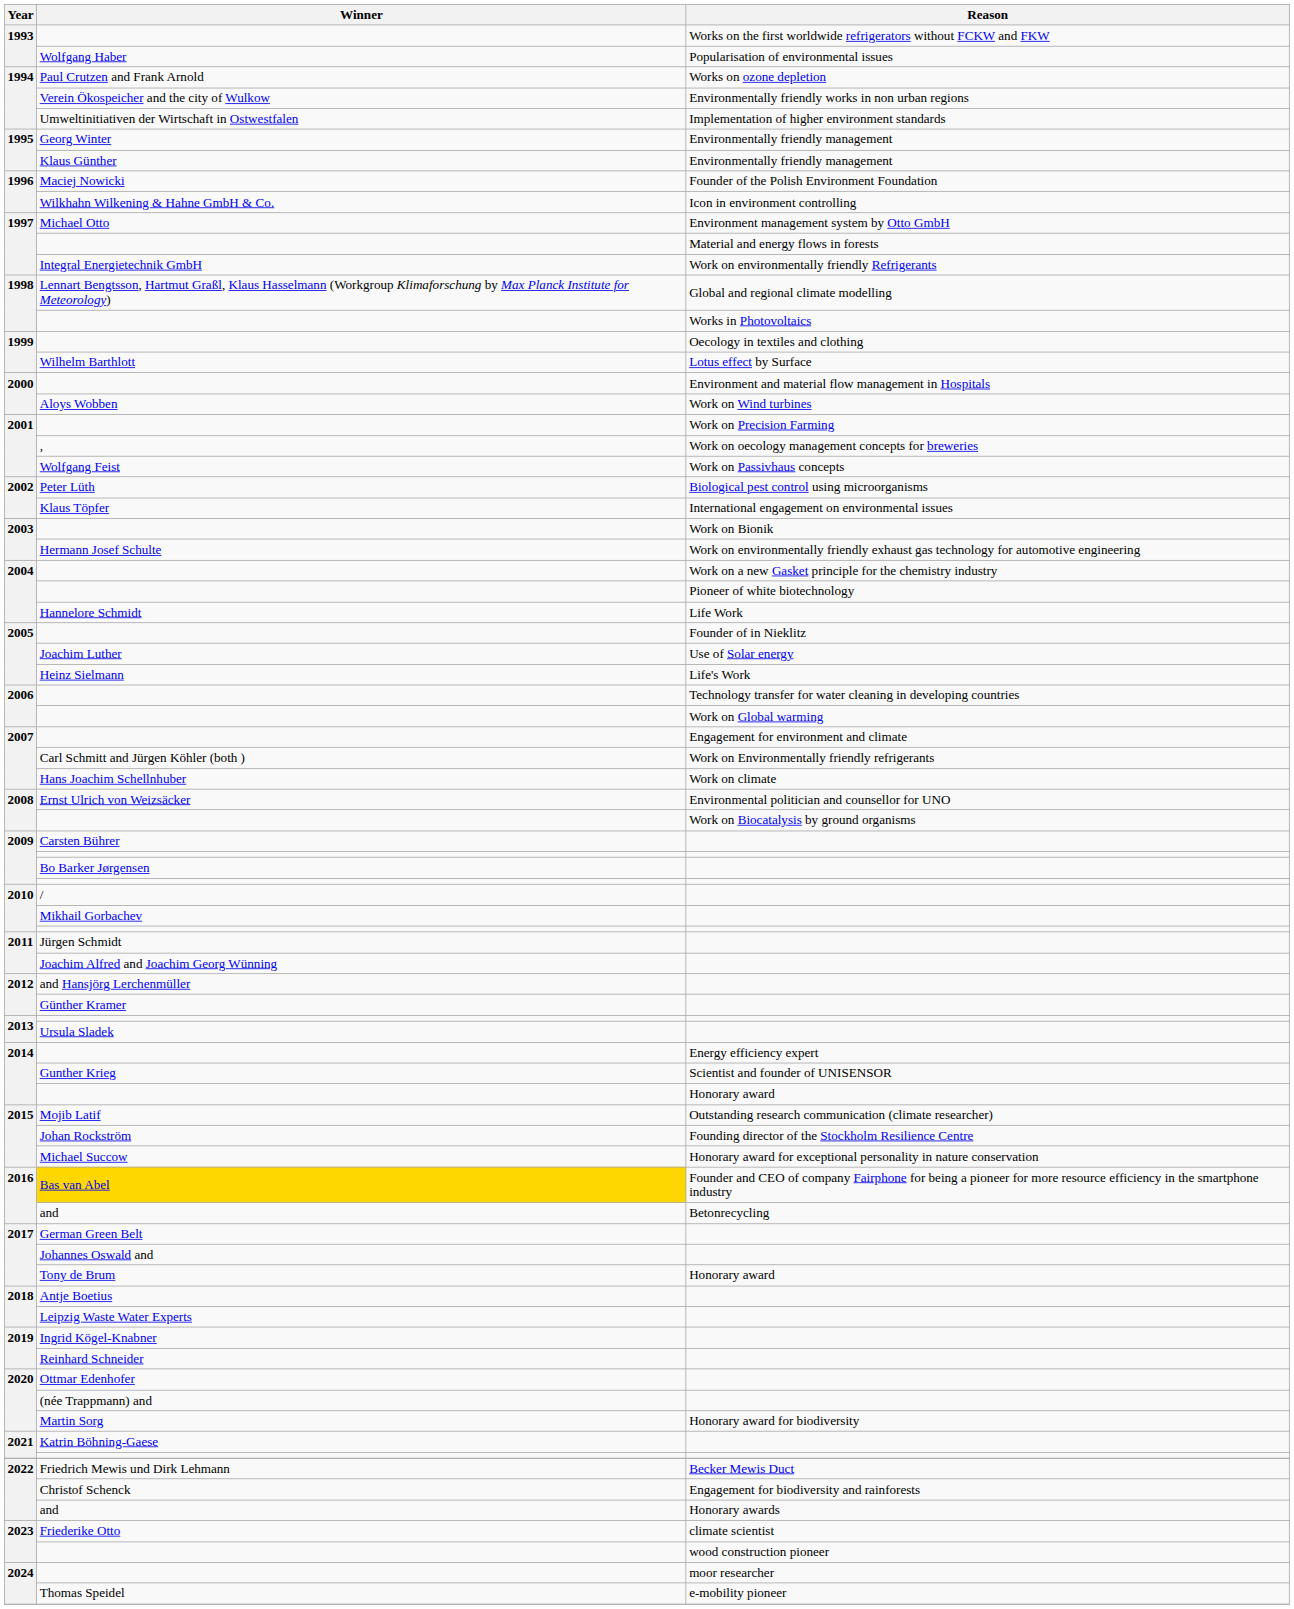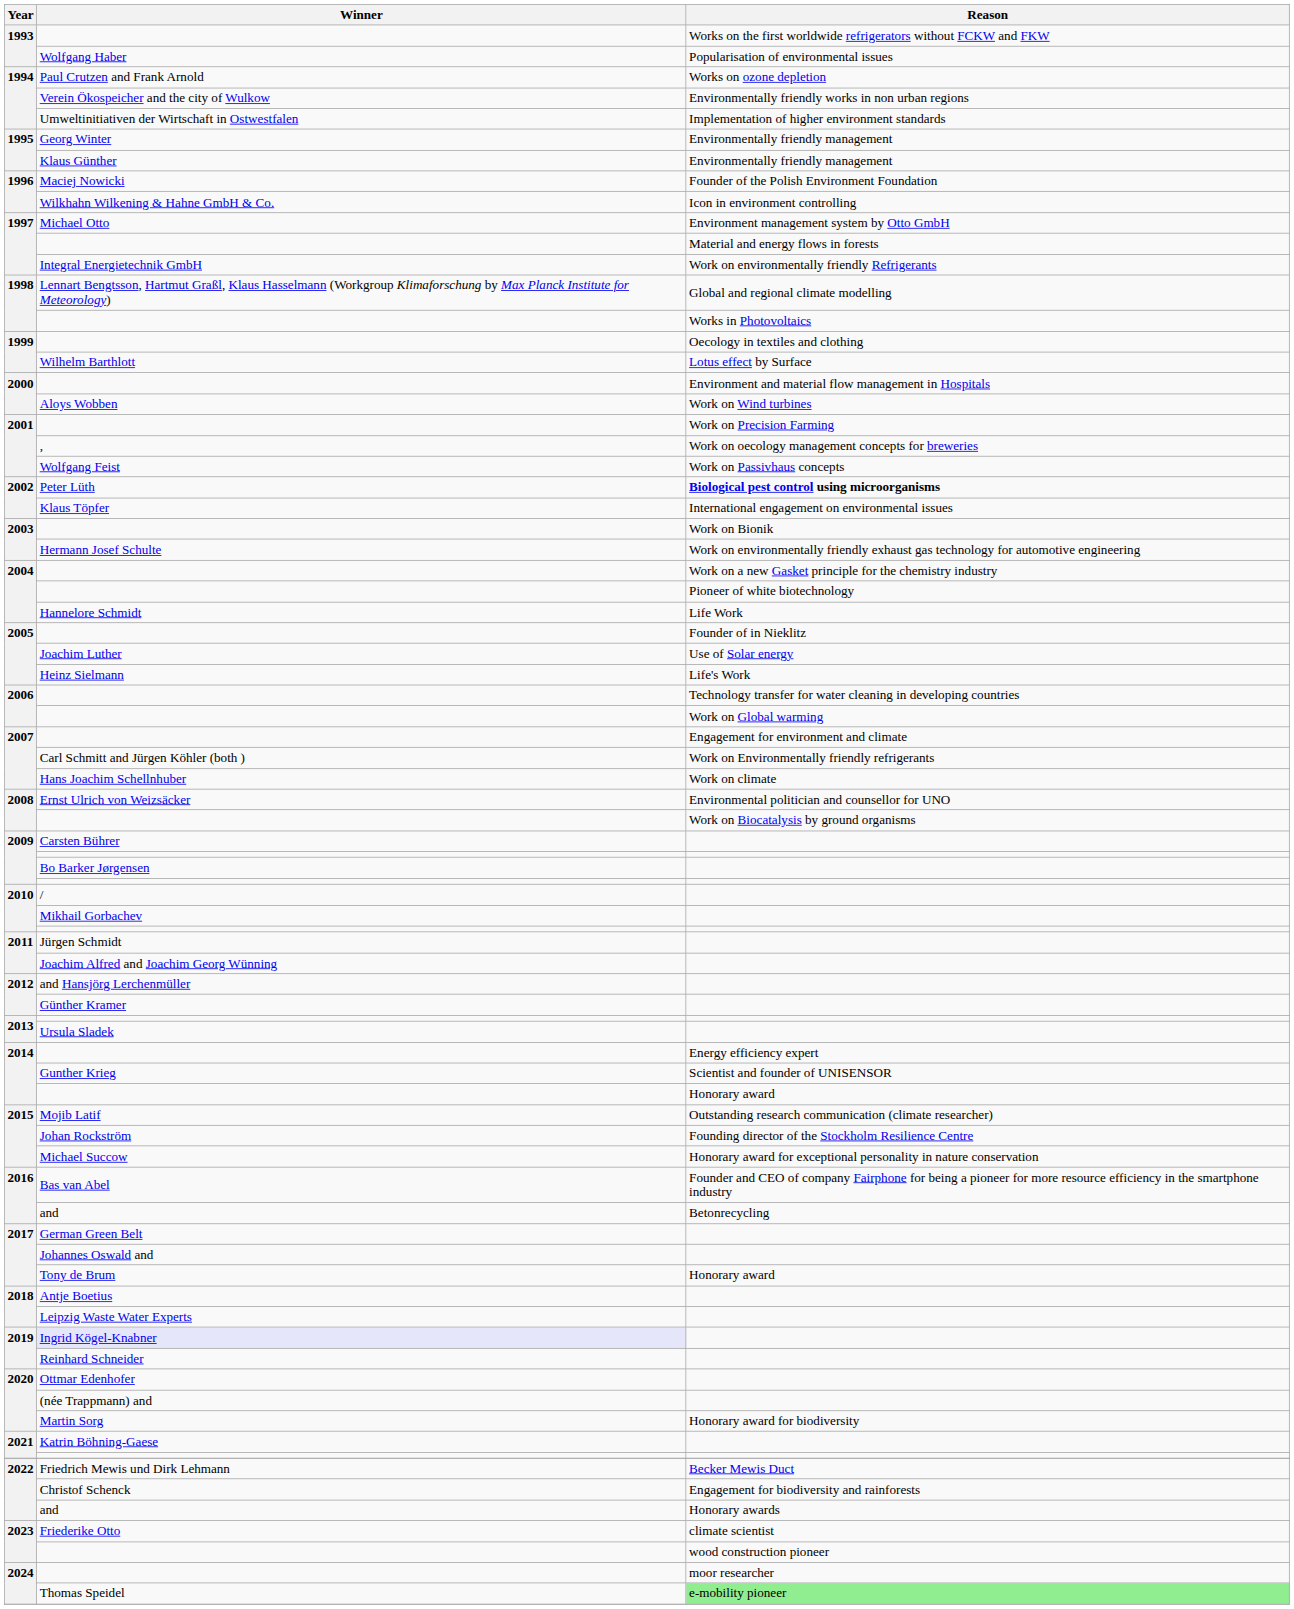 <table class="wikitable">
 <tr>
 <th>Year</th>
 <th>Winner</th>
 <th>Reason</th>
 </tr>
 <tr>
 <th style="vertical-align:top" rowspan=2>1993</th>
 <td></td>
 <td>Works on the first worldwide <a href='#'>refrigerators</a> without <a href='#'>FCKW</a> and <a href='#'>FKW</a></td>
 </tr>
 <tr>
 <td><a href='#'>Wolfgang Haber</a></td>
 <td>Popularisation of environmental issues</td>
 </tr>
 <tr>
 <th style="vertical-align:top" rowspan=3>1994</th>
 <td><a href='#'>Paul Crutzen</a> and Frank Arnold</td>
 <td>Works on <a href='#'>ozone depletion</a></td>
 </tr>
 <tr>
 <td><a href='#'>Verein Ökospeicher</a> and the city of <a href='#'>Wulkow</a></td>
 <td>Environmentally friendly works in non urban regions</td>
 </tr>
 <tr>
 <td>Umweltinitiativen der Wirtschaft in <a href='#'>Ostwestfalen</a></td>
 <td>Implementation of higher environment standards</td>
 </tr>
 <tr>
 <th style="vertical-align:top" rowspan=2>1995</th>
 <td><a href='#'>Georg Winter</a></td>
 <td>Environmentally friendly management</td>
 </tr>
 <tr>
 <td><a href='#'>Klaus Günther</a></td>
 <td>Environmentally friendly management</td>
 </tr>
 <tr>
 <th style="vertical-align:top" rowspan=2>1996</th>
 <td><a href='#'>Maciej Nowicki</a></td>
 <td>Founder of the Polish Environment Foundation</td>
 </tr>
 <tr>
 <td><a href='#'>Wilkhahn Wilkening & Hahne GmbH & Co.</a></td>
 <td>Icon in environment controlling</td>
 </tr>
 <tr>
 <th style="vertical-align:top" rowspan=3>1997</th>
 <td><a href='#'>Michael Otto</a></td>
 <td>Environment management system by <a href='#'>Otto GmbH</a></td>
 </tr>
 <tr>
 <td></td>
 <td>Material and energy flows in forests</td>
 </tr>
 <tr>
 <td><a href='#'>Integral Energietechnik GmbH</a></td>
 <td>Work on environmentally friendly <a href='#'>Refrigerants</a></td>
 </tr>
 <tr>
 <th style="vertical-align:top" rowspan=2>1998</th>
 <td><a href='#'>Lennart Bengtsson</a>, <a href='#'>Hartmut Graßl</a>, <a href='#'>Klaus Hasselmann</a> (Workgroup <em>Klimaforschung</em> by <em><a href='#'>Max Planck Institute for Meteorology</a></em>)</td>
 <td>Global and regional climate modelling</td>
 </tr>
 <tr>
 <td></td>
 <td>Works in <a href='#'>Photovoltaics</a></td>
 </tr>
 <tr>
 <th style="vertical-align:top" rowspan=2>1999</th>
 <td></td>
 <td>Oecology in textiles and clothing</td>
 </tr>
 <tr>
 <td><a href='#'>Wilhelm Barthlott</a></td>
 <td><a href='#'>Lotus effect</a> by Surface</td>
 </tr>
 <tr>
 <th style="vertical-align:top" rowspan=2>2000</th>
 <td></td>
 <td>Environment and material flow management in <a href='#'>Hospitals</a></td>
 </tr>
 <tr>
 <td><a href='#'>Aloys Wobben</a></td>
 <td>Work on <a href='#'>Wind turbines</a></td>
 </tr>
 <tr>
 <th style="vertical-align:top" rowspan=3>2001</th>
 <td></td>
 <td>Work on <a href='#'>Precision Farming</a></td>
 </tr>
 <tr>
 <td>, </td>
 <td>Work on oecology management concepts for <a href='#'>breweries</a></td>
 </tr>
 <tr>
 <td><a href='#'>Wolfgang Feist</a></td>
 <td>Work on <a href='#'>Passivhaus</a> concepts</td>
 </tr>
 <tr>
 <th style="vertical-align:top" rowspan=2>2002</th>
 <td><a href='#'>Peter Lüth</a></td>
-<td><a href='#'>Biological pest control</a> using microorganisms</td>
+<td><strong><a href='#'>Biological pest control</a> using microorganisms</strong></td>
 </tr>
 <tr>
 <td><a href='#'>Klaus Töpfer</a></td>
 <td>International engagement on environmental issues</td>
 </tr>
 <tr>
 <th style="vertical-align:top" rowspan=2>2003</th>
 <td></td>
 <td>Work on Bionik</td>
 </tr>
 <tr>
 <td><a href='#'>Hermann Josef Schulte</a></td>
 <td>Work on environmentally friendly exhaust gas technology for automotive engineering</td>
 </tr>
 <tr>
 <th style="vertical-align:top" rowspan=3>2004</th>
 <td></td>
 <td>Work on a new <a href='#'>Gasket</a> principle for the chemistry industry</td>
 </tr>
 <tr>
 <td></td>
 <td>Pioneer of white biotechnology</td>
 </tr>
 <tr>
 <td><a href='#'>Hannelore Schmidt</a></td>
 <td>Life Work</td>
 </tr>
 <tr>
 <th style="vertical-align:top" rowspan=3>2005</th>
 <td></td>
 <td>Founder of  in Nieklitz</td>
 </tr>
 <tr>
 <td><a href='#'>Joachim Luther</a></td>
 <td>Use of <a href='#'>Solar energy</a></td>
 </tr>
 <tr>
 <td><a href='#'>Heinz Sielmann</a></td>
 <td>Life's Work</td>
 </tr>
 <tr>
 <th style="vertical-align:top" rowspan=2>2006</th>
 <td></td>
 <td>Technology transfer for water cleaning in developing countries</td>
 </tr>
 <tr>
 <td></td>
 <td>Work on <a href='#'>Global warming</a></td>
 </tr>
 <tr>
 <th style="vertical-align:top" rowspan=3>2007</th>
 <td></td>
 <td>Engagement for environment and climate</td>
 </tr>
 <tr>
 <td>Carl Schmitt and Jürgen Köhler (both )</td>
 <td>Work on Environmentally friendly refrigerants</td>
 </tr>
 <tr>
 <td><a href='#'>Hans Joachim Schellnhuber</a></td>
 <td>Work on climate</td>
 </tr>
 <tr>
 <th style="vertical-align:top" rowspan=2>2008</th>
 <td><a href='#'>Ernst Ulrich von Weizsäcker</a></td>
 <td>Environmental politician and counsellor for UNO</td>
 </tr>
 <tr>
 <td></td>
 <td>Work on <a href='#'>Biocatalysis</a> by ground organisms</td>
 </tr>
 <tr>
 <th style="vertical-align:top" rowspan=4>2009</th>
 <td><a href='#'>Carsten Bührer</a></td>
 <td></td>
 </tr>
 <tr>
 <td></td>
 <td></td>
 </tr>
 <tr>
 <td><a href='#'>Bo Barker Jørgensen</a></td>
 <td></td>
 </tr>
 <tr>
 <td></td>
 <td></td>
 </tr>
 <tr>
 <th style="vertical-align:top" rowspan=3>2010</th>
 <td>/</td>
 <td></td>
 </tr>
 <tr>
 <td><a href='#'>Mikhail Gorbachev</a></td>
 <td></td>
 </tr>
 <tr>
 <td></td>
 <td></td>
 </tr>
 <tr>
 <th style="vertical-align:top" rowspan=2>2011</th>
 <td>Jürgen Schmidt</td>
 <td></td>
 </tr>
 <tr>
 <td><a href='#'>Joachim Alfred</a> and <a href='#'>Joachim Georg Wünning</a></td>
 <td></td>
 </tr>
 <tr>
 <th style="vertical-align:top" rowspan=2>2012</th>
 <td> and <a href='#'>Hansjörg Lerchenmüller</a></td>
 <td></td>
 </tr>
 <tr>
 <td><a href='#'>Günther Kramer</a></td>
 <td></td>
 </tr>
 <tr>
 <th style="vertical-align:top" rowspan=2>2013</th>
 <td></td>
 <td></td>
 </tr>
 <tr>
 <td><a href='#'>Ursula Sladek</a></td>
 <td></td>
 </tr>
 <tr>
 <th style="vertical-align:top" rowspan=3>2014</th>
 <td></td>
 <td>Energy efficiency expert</td>
 </tr>
 <tr>
 <td><a href='#'>Gunther Krieg</a></td>
 <td>Scientist and founder of UNISENSOR</td>
 </tr>
 <tr>
 <td></td>
 <td>Honorary award</td>
 </tr>
 <tr>
 <th style="vertical-align:top" rowspan=3>2015</th>
 <td><a href='#'>Mojib Latif</a></td>
 <td>Outstanding research communication (climate researcher)</td>
 </tr>
 <tr>
 <td><a href='#'>Johan Rockström</a></td>
 <td>Founding director of the <a href='#'>Stockholm Resilience Centre</a></td>
 </tr>
 <tr>
 <td><a href='#'>Michael Succow</a></td>
 <td>Honorary award for exceptional personality in nature conservation</td>
 </tr>
 <tr>
 <th style="vertical-align:top" rowspan=2>2016</th>
-<td style="background: gold;"><a href='#'>Bas van Abel</a></td>
+<td><a href='#'>Bas van Abel</a></td>
 <td>Founder and CEO of company <a href='#'>Fairphone</a> for being a pioneer for more resource efficiency in the smartphone industry</td>
 </tr>
 <tr>
 <td> and </td>
 <td>Betonrecycling</td>
 </tr>
 <tr>
 <th style="vertical-align:top" rowspan=3>2017</th>
 <td><a href='#'>German Green Belt</a></td>
 <td></td>
 </tr>
 <tr>
 <td><a href='#'>Johannes Oswald</a> and </td>
 <td></td>
 </tr>
 <tr>
 <td><a href='#'>Tony de Brum</a></td>
 <td>Honorary award</td>
 </tr>
 <tr>
 <th style="vertical-align:top" rowspan=2>2018</th>
 <td><a href='#'>Antje Boetius</a></td>
 <td></td>
 </tr>
 <tr>
 <td><a href='#'>Leipzig Waste Water Experts</a></td>
 <td></td>
 </tr>
 <tr>
 <th style="vertical-align:top" rowspan=2>2019</th>
-<td><a href='#'>Ingrid Kögel-Knabner</a></td>
+<td style="background: lavender;"><a href='#'>Ingrid Kögel-Knabner</a></td>
 <td></td>
 </tr>
 <tr>
 <td><a href='#'>Reinhard Schneider</a></td>
 <td></td>
 </tr>
 <tr>
 <th style="vertical-align:top" rowspan=3>2020</th>
 <td><a href='#'>Ottmar Edenhofer</a></td>
 <td></td>
 </tr>
 <tr>
 <td> (née Trappmann) and </td>
 <td></td>
 </tr>
 <tr>
 <td><a href='#'>Martin Sorg</a></td>
 <td>Honorary award for biodiversity</td>
 </tr>
 <tr>
 <th style="vertical-align:top" rowspan=2>2021</th>
 <td><a href='#'>Katrin Böhning-Gaese</a></td>
 <td></td>
 </tr>
 <tr>
 <td></td>
 <td></td>
 </tr>
 <tr>
 </tr>
 <tr>
 <th style="vertical-align:top" rowspan=3>2022</th>
 <td>Friedrich Mewis und Dirk Lehmann</td>
 <td><a href='#'>Becker Mewis Duct</a></td>
 </tr>
 <tr>
 <td>Christof Schenck</td>
 <td>Engagement for biodiversity and rainforests</td>
 </tr>
 <tr>
 <td> and </td>
 <td>Honorary awards</td>
 </tr>
 <tr>
 <th style="vertical-align:top" rowspan=2>2023</th>
 <td><a href='#'>Friederike Otto</a></td>
 <td>climate scientist</td>
 </tr>
 <tr>
 <td></td>
 <td>wood construction pioneer</td>
 </tr>
 <tr>
 <th style="vertical-align:top" rowspan=2>2024</th>
 <td></td>
 <td>moor researcher</td>
 </tr>
 <tr>
 <td>Thomas Speidel</td>
-<td>e-mobility pioneer</td>
+<td style="background: lightgreen;">e-mobility pioneer</td>
 </tr>
 <tr>
 </tr>
 </table>
